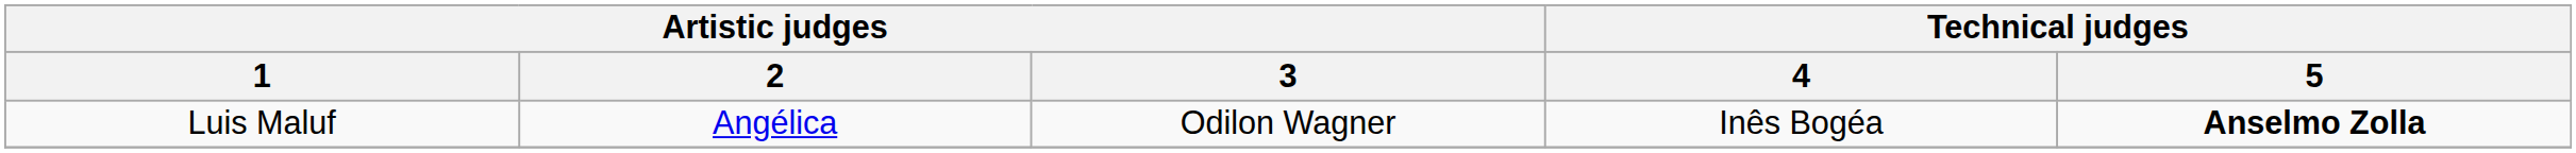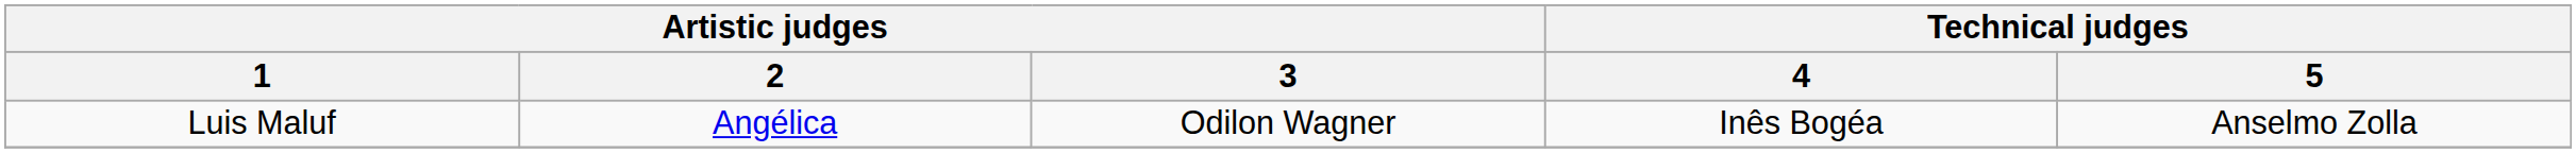 <table class="wikitable" style="font-size:100%; line-height:16px; text-align:center" width="100%">
 <tr>
 <th colspan=3>Artistic judges</th>
 <th colspan=2>Technical judges</th>
 </tr>
 <tr>
 <th width="20.0%">1</th>
 <th width="20.0%">2</th>
 <th width="20.0%">3</th>
 <th width="20.0%">4</th>
 <th width="20.0%">5</th>
 </tr>
 <tr>
 <td>Luis Maluf</td>
 <td><a href='#'>Angélica</a></td>
 <td>Odilon Wagner</td>
 <td>Inês Bogéa</td>
-<td><strong>Anselmo Zolla</strong></td>
+<td>Anselmo Zolla</td>
 </tr>
 <tr>
 </tr>
 </table>
